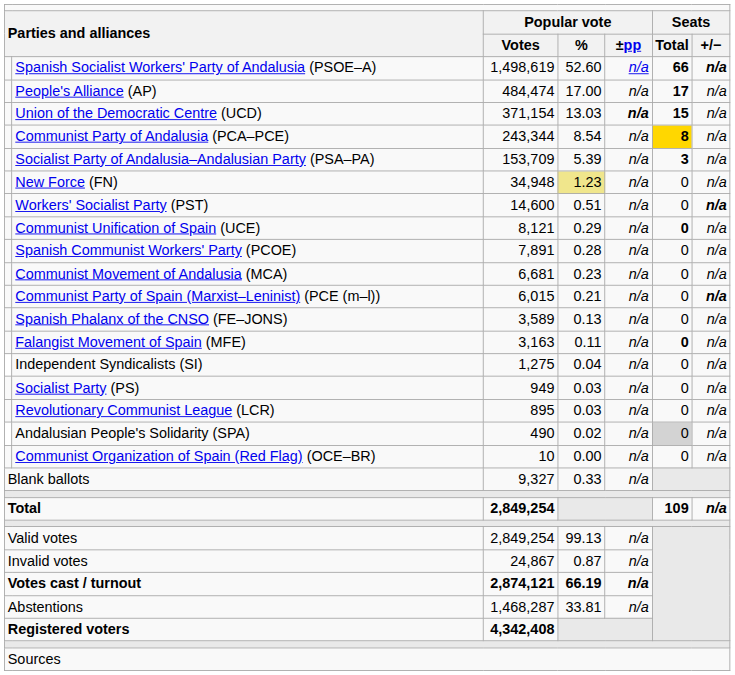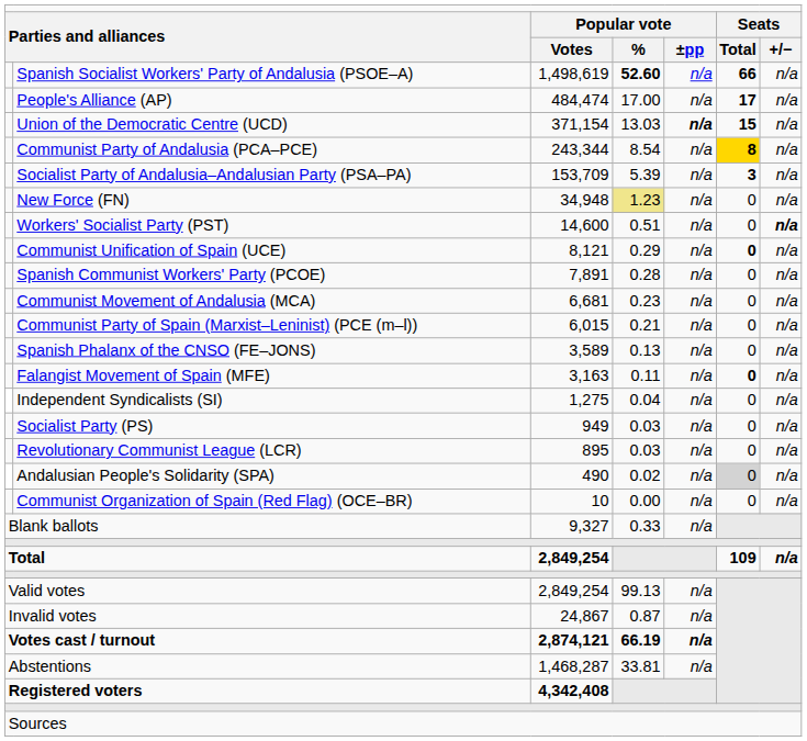 <table class="wikitable" style="text-align:right;">
 <tr>
 <td colspan="7"></td>
 </tr>
 <tr>
 <th style="text-align:left;" rowspan="2" colspan="2" width="525">Parties and alliances</th>
 <th colspan="3">Popular vote</th>
 <th colspan="2">Seats</th>
 </tr>
 <tr>
 <th width="75">Votes</th>
 <th width="45">%</th>
 <th width="45">±<a href='#'>pp</a></th>
 <th width="35">Total</th>
 <th width="35">+/−</th>
 </tr>
 <tr>
 <td width="1" style="color:inherit;background:"></td>
 <td align="left"><a href='#'>Spanish Socialist Workers' Party of Andalusia</a> (PSOE–A)</td>
 <td>1,498,619</td>
-<td>52.60</td>
+<td><strong>52.60</strong></td>
 <td><em><a href='#'>n/a</a></em></td>
 <td><strong>66</strong></td>
-<td><strong><em>n/a</em></strong></td>
+<td><em>n/a</em></td>
 </tr>
 <tr>
 <td style="color:inherit;background:"></td>
 <td align="left"><a href='#'>People's Alliance</a> (AP)</td>
 <td>484,474</td>
 <td>17.00</td>
 <td><em>n/a</em></td>
 <td><strong>17</strong></td>
 <td><em>n/a</em></td>
 </tr>
 <tr>
 <td style="color:inherit;background:"></td>
 <td align="left"><a href='#'>Union of the Democratic Centre</a> (UCD)</td>
 <td>371,154</td>
 <td>13.03</td>
 <td><strong><em>n/a</em></strong></td>
 <td><strong>15</strong></td>
 <td><em>n/a</em></td>
 </tr>
 <tr>
 <td style="color:inherit;background:"></td>
 <td align="left"><a href='#'>Communist Party of Andalusia</a> (PCA–PCE)</td>
 <td>243,344</td>
 <td>8.54</td>
 <td><em>n/a</em></td>
 <td style="background: gold;"><strong>8</strong></td>
 <td><em>n/a</em></td>
 </tr>
 <tr>
 <td style="color:inherit;background:"></td>
 <td align="left"><a href='#'>Socialist Party of Andalusia–Andalusian Party</a> (PSA–PA)</td>
 <td>153,709</td>
 <td>5.39</td>
 <td><em>n/a</em></td>
 <td><strong>3</strong></td>
 <td><em>n/a</em></td>
 </tr>
 <tr>
 <td style="color:inherit;background:"></td>
 <td align="left"><a href='#'>New Force</a> (FN)</td>
 <td>34,948</td>
 <td style="background: khaki;">1.23</td>
 <td><em>n/a</em></td>
 <td>0</td>
 <td><em>n/a</em></td>
 </tr>
 <tr>
 <td style="color:inherit;background:"></td>
 <td align="left"><a href='#'>Workers' Socialist Party</a> (PST)</td>
 <td>14,600</td>
 <td>0.51</td>
 <td><em>n/a</em></td>
 <td>0</td>
 <td><strong><em>n/a</em></strong></td>
 </tr>
 <tr>
 <td style="color:inherit;background:"></td>
 <td align="left"><a href='#'>Communist Unification of Spain</a> (UCE)</td>
 <td>8,121</td>
 <td>0.29</td>
 <td><em>n/a</em></td>
 <td><strong>0</strong></td>
 <td><em>n/a</em></td>
 </tr>
 <tr>
 <td style="color:inherit;background:"></td>
 <td align="left"><a href='#'>Spanish Communist Workers' Party</a> (PCOE)</td>
 <td>7,891</td>
 <td>0.28</td>
 <td><em>n/a</em></td>
 <td>0</td>
 <td><em>n/a</em></td>
 </tr>
 <tr>
 <td style="color:inherit;background:"></td>
 <td align="left"><a href='#'>Communist Movement of Andalusia</a> (MCA)</td>
 <td>6,681</td>
 <td>0.23</td>
 <td><em>n/a</em></td>
 <td>0</td>
 <td><em>n/a</em></td>
 </tr>
 <tr>
 <td style="color:inherit;background:"></td>
 <td align="left"><a href='#'>Communist Party of Spain (Marxist–Leninist)</a> (PCE (m–l))</td>
 <td>6,015</td>
 <td>0.21</td>
 <td><em>n/a</em></td>
 <td>0</td>
-<td><strong><em>n/a</em></strong></td>
+<td><em>n/a</em></td>
 </tr>
 <tr>
 <td style="color:inherit;background:"></td>
 <td align="left"><a href='#'>Spanish Phalanx of the CNSO</a> (FE–JONS)</td>
 <td>3,589</td>
 <td>0.13</td>
 <td><em>n/a</em></td>
 <td>0</td>
 <td><em>n/a</em></td>
 </tr>
 <tr>
 <td style="color:inherit;background:"></td>
 <td align="left"><a href='#'>Falangist Movement of Spain</a> (MFE)</td>
 <td>3,163</td>
 <td>0.11</td>
 <td><em>n/a</em></td>
 <td><strong>0</strong></td>
 <td><em>n/a</em></td>
 </tr>
 <tr>
 <td bgcolor="white"></td>
 <td align="left">Independent Syndicalists (SI)</td>
 <td>1,275</td>
 <td>0.04</td>
 <td><em>n/a</em></td>
 <td>0</td>
 <td><em>n/a</em></td>
 </tr>
 <tr>
 <td style="color:inherit;background:"></td>
 <td align="left"><a href='#'>Socialist Party</a> (PS)</td>
 <td>949</td>
 <td>0.03</td>
 <td><em>n/a</em></td>
 <td>0</td>
 <td><em>n/a</em></td>
 </tr>
 <tr>
 <td style="color:inherit;background:"></td>
 <td align="left"><a href='#'>Revolutionary Communist League</a> (LCR)</td>
 <td>895</td>
 <td>0.03</td>
 <td><em>n/a</em></td>
 <td>0</td>
 <td><em>n/a</em></td>
 </tr>
 <tr>
 <td bgcolor="white"></td>
 <td align="left">Andalusian People's Solidarity (SPA)</td>
 <td>490</td>
 <td>0.02</td>
 <td><em>n/a</em></td>
 <td style="background: lightgrey;">0</td>
 <td><em>n/a</em></td>
 </tr>
 <tr>
 <td style="color:inherit;background:"></td>
 <td align="left"><a href='#'>Communist Organization of Spain (Red Flag)</a> (OCE–BR)</td>
 <td>10</td>
 <td>0.00</td>
 <td><em>n/a</em></td>
 <td>0</td>
 <td><em>n/a</em></td>
 </tr>
 <tr>
 <td align="left" colspan="2">Blank ballots</td>
 <td>9,327</td>
 <td>0.33</td>
 <td><em>n/a</em></td>
 <td bgcolor="#E9E9E9" colspan="2"></td>
 </tr>
 <tr>
 <td colspan="7" bgcolor="#E9E9E9"></td>
 </tr>
 <tr style="font-weight:bold;">
 <td align="left" colspan="2">Total</td>
 <td>2,849,254</td>
 <td bgcolor="#E9E9E9" colspan="2"></td>
 <td>109</td>
 <td><em>n/a</em></td>
 </tr>
 <tr>
 <td colspan="7" bgcolor="#E9E9E9"></td>
 </tr>
 <tr>
 <td align="left" colspan="2">Valid votes</td>
 <td>2,849,254</td>
 <td>99.13</td>
 <td><em>n/a</em></td>
 <td bgcolor="#E9E9E9" colspan="2" rowspan="5"></td>
 </tr>
 <tr>
 <td align="left" colspan="2">Invalid votes</td>
 <td>24,867</td>
 <td>0.87</td>
 <td><em>n/a</em></td>
 </tr>
 <tr style="font-weight:bold;">
 <td align="left" colspan="2">Votes cast / turnout</td>
 <td>2,874,121</td>
 <td>66.19</td>
 <td><em>n/a</em></td>
 </tr>
 <tr>
 <td align="left" colspan="2">Abstentions</td>
 <td>1,468,287</td>
 <td>33.81</td>
 <td><em>n/a</em></td>
 </tr>
 <tr style="font-weight:bold;">
 <td align="left" colspan="2">Registered voters</td>
 <td>4,342,408</td>
 <td bgcolor="#E9E9E9" colspan="2"></td>
 </tr>
 <tr>
 <td colspan="7" bgcolor="#E9E9E9"></td>
 </tr>
 <tr>
 <td align="left" colspan="7">Sources</td>
 </tr>
 </table>
